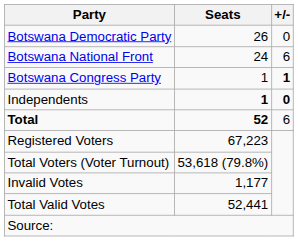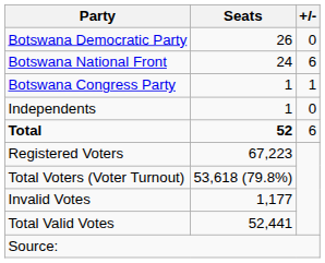 <table class=wikitable style=text-align:right>
 <tr>
 <th>Party</th>
 <th>Seats</th>
 <th>+/-</th>
 </tr>
 <tr>
 <td align=left><a href='#'>Botswana Democratic Party</a></td>
 <td>26</td>
 <td>0</td>
 </tr>
 <tr>
 <td align=left><a href='#'>Botswana National Front</a></td>
 <td>24</td>
 <td>6</td>
 </tr>
 <tr>
 <td align=left><a href='#'>Botswana Congress Party</a></td>
 <td>1</td>
-<td><strong>1</strong></td>
+<td>1</td>
 </tr>
 <tr>
 <td align=left>Independents</td>
-<td><strong>1</strong></td>
-<td><strong>0</strong></td>
+<td>1</td>
+<td>0</td>
 </tr>
 <tr>
 <td align=left><strong>Total</strong></td>
 <td><strong>52</strong></td>
 <td>6</td>
 </tr>
 <tr>
 <td align=left>Registered Voters</td>
 <td>67,223</td>
 </tr>
 <tr>
 <td align=left>Total Voters (Voter Turnout)</td>
 <td>53,618 (79.8%)</td>
 </tr>
 <tr>
 <td align=left>Invalid Votes</td>
 <td>1,177</td>
 </tr>
 <tr>
 <td align=left>Total Valid Votes</td>
 <td>52,441</td>
 </tr>
 <tr>
 <td colspan=4 align=left>Source: </td>
 </tr>
 </table>
